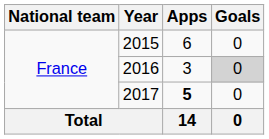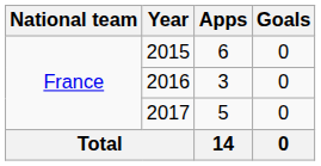 <table class="wikitable" style="text-align:center">
 <tr>
 <th>National team</th>
 <th>Year</th>
 <th>Apps</th>
 <th>Goals</th>
 </tr>
 <tr>
 <td rowspan="3"><a href='#'>France</a></td>
 <td>2015</td>
 <td>6</td>
 <td>0</td>
 </tr>
 <tr>
 <td>2016</td>
 <td>3</td>
-<td style="background: lightgrey;">0</td>
+<td>0</td>
 </tr>
 <tr>
 <td>2017</td>
-<td><strong>5</strong></td>
+<td>5</td>
 <td>0</td>
 </tr>
 <tr>
 <th colspan="2">Total</th>
 <th>14</th>
 <th>0</th>
 </tr>
 </table>
